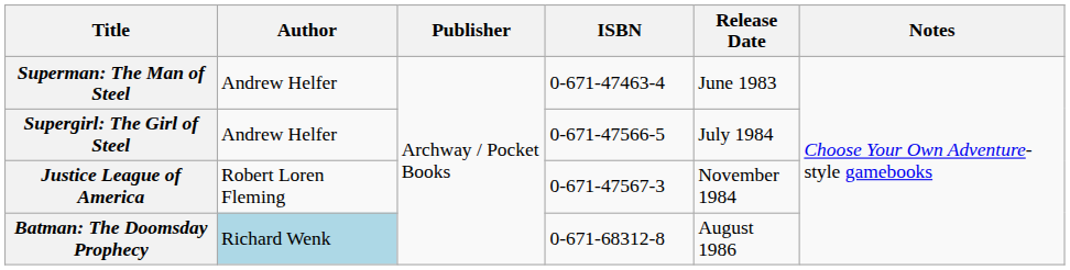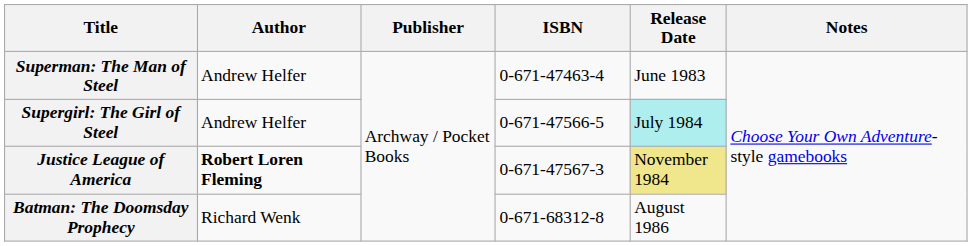 <table class="wikitable" width="100%">
 <tr>
 <th width="20%">Title</th>
 <th width="17%">Author</th>
 <th width="14%">Publisher</th>
 <th width="14%">ISBN</th>
 <th width="10%">Release Date</th>
 <th width="25%">Notes</th>
 </tr>
 <tr>
 <th><em>Superman: The Man of Steel</em></th>
 <td>Andrew Helfer</td>
 <td rowspan="4">Archway / Pocket Books</td>
 <td>0-671-47463-4</td>
 <td>June 1983</td>
 <td rowspan="4"><em><a href='#'>Choose Your Own Adventure</a></em>-style <a href='#'>gamebooks</a></td>
 </tr>
 <tr>
 <th><em>Supergirl: The Girl of Steel</em></th>
 <td>Andrew Helfer</td>
 <td>0-671-47566-5</td>
-<td>July 1984</td>
+<td style="background: paleturquoise;">July 1984</td>
 </tr>
 <tr>
 <th><em>Justice League of America</em></th>
-<td>Robert Loren Fleming</td>
+<td><strong>Robert Loren Fleming</strong></td>
 <td>0-671-47567-3</td>
-<td>November 1984</td>
+<td style="background: khaki;">November 1984</td>
 </tr>
 <tr>
 <th><em>Batman: The Doomsday Prophecy</em></th>
-<td style="background: lightblue;">Richard Wenk</td>
+<td>Richard Wenk</td>
 <td>0-671-68312-8</td>
 <td>August 1986</td>
 </tr>
 </table>
